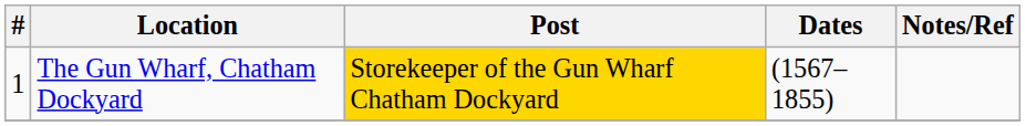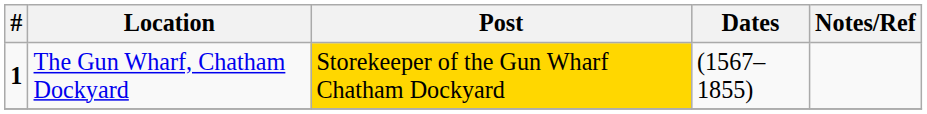 <table class="wikitable">
 <tr>
 <th>#</th>
 <th>Location</th>
 <th>Post</th>
 <th>Dates</th>
 <th>Notes/Ref</th>
 </tr>
 <tr>
-<td>1</td>
+<td><strong>1</strong></td>
 <td><a href='#'>The Gun Wharf, Chatham Dockyard</a></td>
 <td style="background: gold;">Storekeeper of the Gun Wharf Chatham Dockyard</td>
 <td>(1567–1855)</td>
 <td></td>
 </tr>
 <tr>
 </tr>
 </table>
